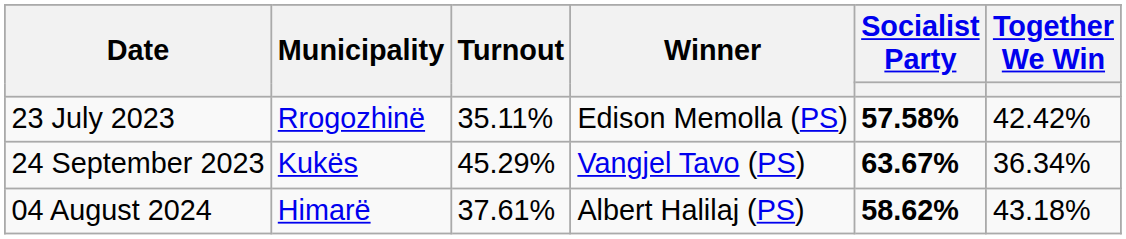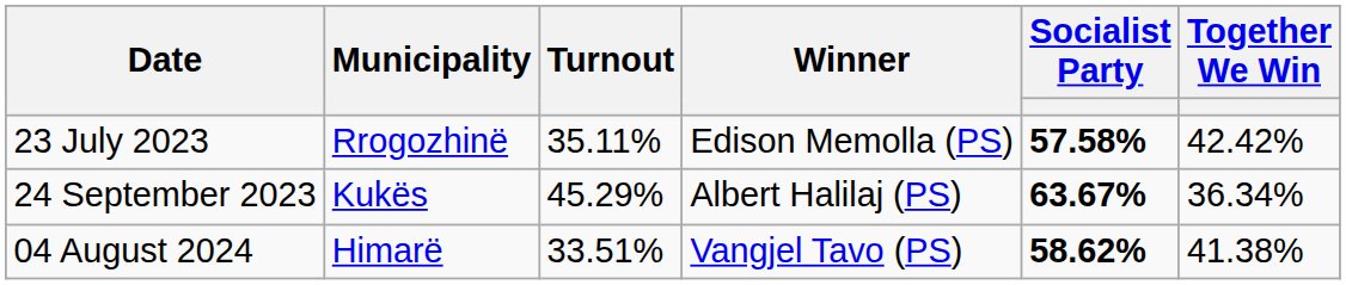 <table class="wikitable">
 <tr>
 <th rowspan="2">Date</th>
 <th rowspan="2">Municipality</th>
 <th rowspan="2">Turnout</th>
 <th rowspan="2">Winner</th>
 <th colspan="1" width="30px" class="unsortable"><a href='#'>Socialist Party</a></th>
 <th colspan="1" width="30px" class="unsortable"><a href='#'>Together We Win</a></th>
 </tr>
 <tr>
 <th colspan="1" style="background:"></th>
 <th colspan="1" style="background:"></th>
 </tr>
 <tr>
 <td>23 July 2023</td>
 <td><a href='#'>Rrogozhinë</a></td>
 <td>35.11%</td>
 <td>Edison Memolla (<a href='#'>PS</a>)</td>
 <td><strong>57.58%</strong></td>
 <td>42.42%</td>
 </tr>
 <tr>
 <td>24 September 2023</td>
 <td><a href='#'>Kukës</a></td>
 <td>45.29%</td>
-<td><a href='#'>Vangjel Tavo</a> (<a href='#'>PS</a>)</td>
+<td>Albert Halilaj (<a href='#'>PS</a>)</td>
 <td><strong>63.67%</strong></td>
 <td>36.34%</td>
 </tr>
 <tr>
 <td>04 August 2024</td>
 <td><a href='#'>Himarë</a></td>
-<td>37.61%</td>
-<td>Albert Halilaj (<a href='#'>PS</a>)</td>
+<td>33.51%</td>
+<td><a href='#'>Vangjel Tavo</a> (<a href='#'>PS</a>)</td>
 <td><strong>58.62%</strong></td>
-<td>43.18%</td>
+<td>41.38%</td>
 </tr>
 </table>
